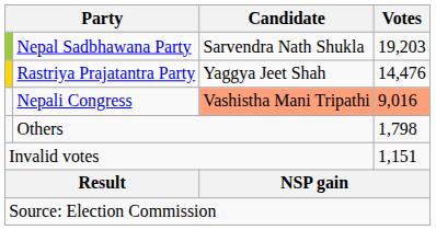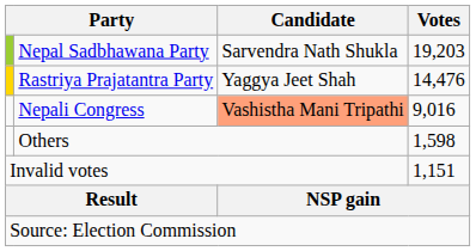 <table class="wikitable">
 <tr>
 <th colspan="2">Party</th>
 <th>Candidate</th>
 <th>Votes</th>
 </tr>
 <tr>
 <td style="background-color:yellowgreen"></td>
 <td><a href='#'>Nepal Sadbhawana Party</a></td>
 <td>Sarvendra Nath Shukla</td>
 <td>19,203</td>
 </tr>
 <tr>
 <td style="background-color:gold"></td>
 <td><a href='#'>Rastriya Prajatantra Party</a></td>
 <td>Yaggya Jeet Shah</td>
 <td>14,476</td>
 </tr>
 <tr>
 <td style="background-color:"></td>
 <td><a href='#'>Nepali Congress</a></td>
 <td style="background: lightsalmon;">Vashistha Mani Tripathi</td>
-<td style="background: lightsalmon;">9,016</td>
+<td>9,016</td>
 </tr>
 <tr>
 <td></td>
 <td colspan="2">Others</td>
-<td>1,798</td>
+<td>1,598</td>
 </tr>
 <tr>
 <td colspan="3">Invalid votes</td>
 <td>1,151</td>
 </tr>
 <tr>
 <th colspan="2">Result</th>
 <th colspan="2">NSP gain</th>
 </tr>
 <tr>
 <td colspan="4">Source: Election Commission</td>
 </tr>
 </table>
